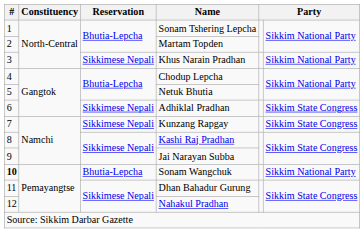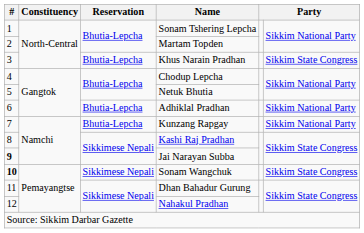 <table class="wikitable sortable">
 <tr>
 <th>#</th>
 <th>Constituency</th>
 <th>Reservation</th>
 <th>Name</th>
 <th colspan=2>Party</th>
 </tr>
 <tr>
 <td>1</td>
 <td rowspan=3>North-Central</td>
 <td rowspan=2><a href='#'>Bhutia-Lepcha</a></td>
 <td>Sonam Tshering Lepcha</td>
 <td rowspan=2 style="background-color: "></td>
 <td rowspan=2><a href='#'>Sikkim National Party</a></td>
 </tr>
 <tr>
 <td>2</td>
 <td>Martam Topden</td>
 </tr>
 <tr>
 <td>3</td>
-<td><a href='#'>Sikkimese Nepali</a></td>
+<td><a href='#'>Bhutia-Lepcha</a></td>
 <td>Khus Narain Pradhan</td>
 <td style="background-color: "></td>
-<td><a href='#'>Sikkim National Party</a></td>
+<td><a href='#'>Sikkim State Congress</a></td>
 </tr>
 <tr>
 <td>4</td>
 <td rowspan=3>Gangtok</td>
 <td rowspan=2><a href='#'>Bhutia-Lepcha</a></td>
 <td>Chodup Lepcha</td>
 <td rowspan=2 style="background-color: "></td>
 <td rowspan=2><a href='#'>Sikkim National Party</a></td>
 </tr>
 <tr>
 <td>5</td>
 <td>Netuk Bhutia</td>
 </tr>
 <tr>
 <td>6</td>
-<td><a href='#'>Sikkimese Nepali</a></td>
+<td><a href='#'>Bhutia-Lepcha</a></td>
 <td>Adhiklal Pradhan</td>
 <td style="background-color: "></td>
-<td><a href='#'>Sikkim State Congress</a></td>
+<td><a href='#'>Sikkim National Party</a></td>
 </tr>
 <tr>
 <td>7</td>
 <td rowspan=3>Namchi</td>
-<td><a href='#'>Sikkimese Nepali</a></td>
+<td><a href='#'>Bhutia-Lepcha</a></td>
 <td>Kunzang Rapgay</td>
 <td style="background-color: "></td>
-<td><a href='#'>Sikkim State Congress</a></td>
+<td><a href='#'>Sikkim National Party</a></td>
 </tr>
 <tr>
 <td>8</td>
 <td rowspan=2><a href='#'>Sikkimese Nepali</a></td>
 <td><a href='#'>Kashi Raj Pradhan</a></td>
 <td rowspan=2 style="background-color: "></td>
 <td rowspan=2><a href='#'>Sikkim State Congress</a></td>
 </tr>
 <tr>
-<td>9</td>
+<td><strong>9</strong></td>
 <td>Jai Narayan Subba</td>
 </tr>
 <tr>
 <td><strong>10</strong></td>
 <td rowspan=3>Pemayangtse</td>
-<td><a href='#'>Bhutia-Lepcha</a></td>
+<td><a href='#'>Sikkimese Nepali</a></td>
 <td>Sonam Wangchuk</td>
 <td style="background-color: "></td>
-<td><a href='#'>Sikkim National Party</a></td>
+<td><a href='#'>Sikkim State Congress</a></td>
 </tr>
 <tr>
 <td>11</td>
 <td rowspan=2><a href='#'>Sikkimese Nepali</a></td>
 <td>Dhan Bahadur Gurung</td>
 <td rowspan=2 style="background-color: "></td>
 <td rowspan=2><a href='#'>Sikkim State Congress</a></td>
 </tr>
 <tr>
 <td>12</td>
 <td><a href='#'>Nahakul Pradhan</a></td>
 </tr>
 <tr class="sortbottom">
 <td colspan=6>Source: Sikkim Darbar Gazette</td>
 </tr>
 </table>
